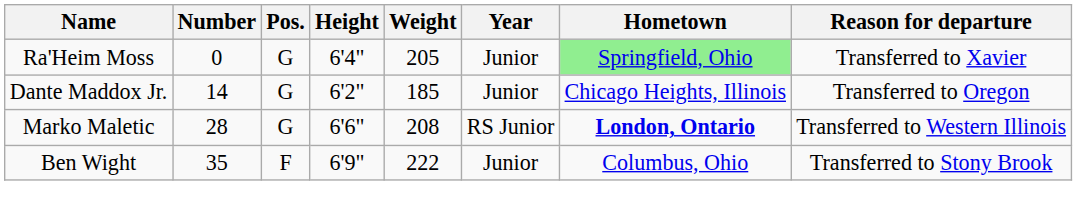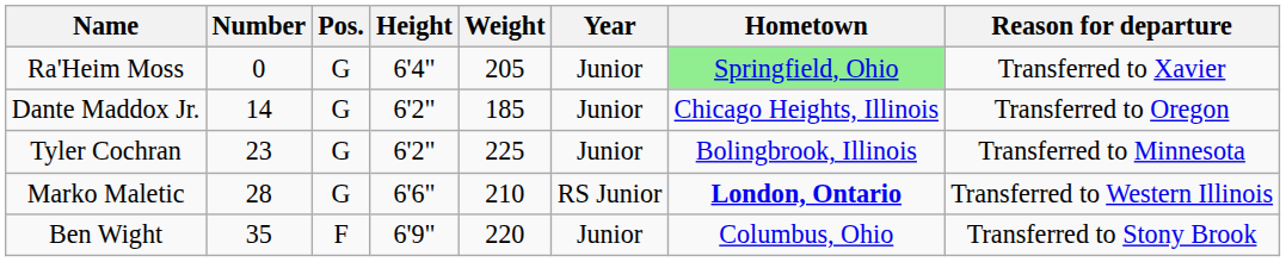 <table class="wikitable sortable" style="text-align:center">
 <tr align=center>
 <th>Name</th>
 <th>Number</th>
 <th>Pos.</th>
 <th>Height</th>
 <th>Weight</th>
 <th>Year</th>
 <th>Hometown</th>
 <th class="unsortable">Reason for departure</th>
 </tr>
 <tr>
 <td>Ra'Heim Moss</td>
 <td>0</td>
 <td>G</td>
 <td>6'4"</td>
 <td>205</td>
 <td>Junior</td>
 <td style="background: lightgreen;"><a href='#'>Springfield, Ohio</a></td>
 <td>Transferred to <a href='#'>Xavier</a></td>
 </tr>
 <tr>
 <td>Dante Maddox Jr.</td>
 <td>14</td>
 <td>G</td>
 <td>6'2"</td>
 <td>185</td>
 <td>Junior</td>
 <td><a href='#'>Chicago Heights, Illinois</a></td>
 <td>Transferred to <a href='#'>Oregon</a></td>
 </tr>
 <tr>
+<td>Tyler Cochran</td>
+<td>23</td>
+<td>G</td>
+<td>6'2"</td>
+<td>225</td>
+<td>Junior</td>
+<td><a href='#'>Bolingbrook, Illinois</a></td>
+<td>Transferred to <a href='#'>Minnesota</a></td>
+</tr>
+<tr>
 <td>Marko Maletic</td>
 <td>28</td>
 <td>G</td>
 <td>6'6"</td>
-<td>208</td>
+<td>210</td>
 <td>RS Junior</td>
 <td><strong><a href='#'>London, Ontario</a></strong></td>
 <td>Transferred to <a href='#'>Western Illinois</a></td>
 </tr>
 <tr>
 <td>Ben Wight</td>
 <td>35</td>
 <td>F</td>
 <td>6'9"</td>
-<td>222</td>
+<td>220</td>
 <td>Junior</td>
 <td><a href='#'>Columbus, Ohio</a></td>
 <td>Transferred to <a href='#'>Stony Brook</a></td>
 </tr>
 </table>
